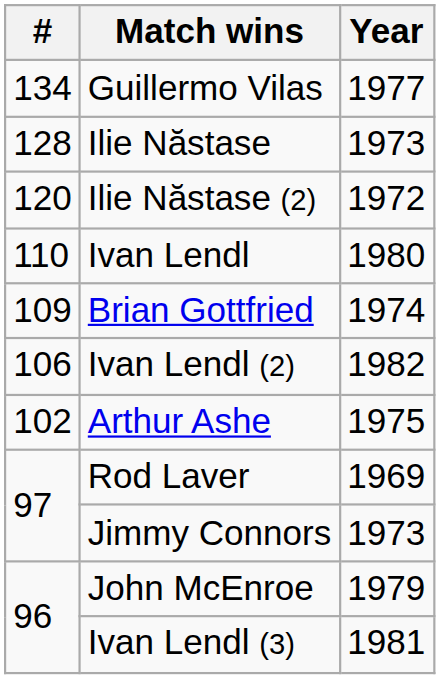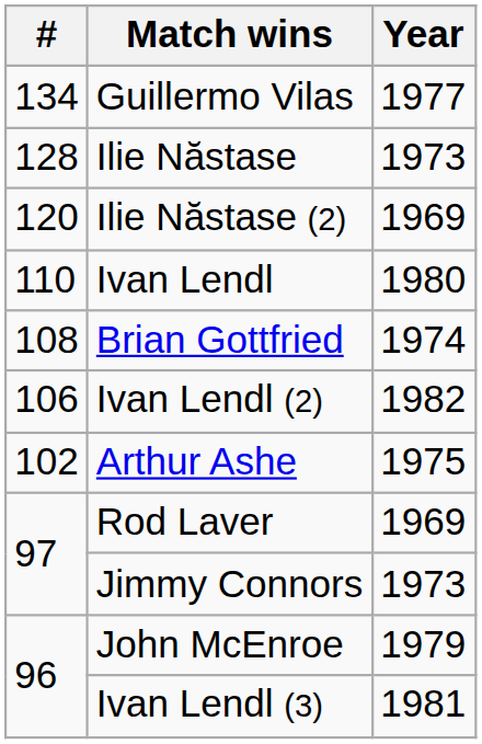 <table class="wikitable" style="display:inline-table;">
 <tr>
 <th>#</th>
 <th>Match wins</th>
 <th>Year</th>
 </tr>
 <tr>
 <td>134</td>
 <td> Guillermo Vilas</td>
 <td>1977</td>
 </tr>
 <tr>
 <td>128</td>
 <td> Ilie Năstase</td>
 <td>1973</td>
 </tr>
 <tr>
 <td>120</td>
 <td> Ilie Năstase <small>(2)</small></td>
-<td>1972</td>
+<td>1969</td>
 </tr>
 <tr>
 <td>110</td>
 <td> Ivan Lendl</td>
 <td>1980</td>
 </tr>
 <tr>
-<td>109</td>
+<td>108</td>
 <td> <a href='#'>Brian Gottfried</a></td>
 <td>1974</td>
 </tr>
 <tr>
 <td>106</td>
 <td> Ivan Lendl <small>(2)</small></td>
 <td>1982</td>
 </tr>
 <tr>
 <td>102</td>
 <td> <a href='#'>Arthur Ashe</a></td>
 <td>1975</td>
 </tr>
 <tr>
 <td rowspan=2>97</td>
 <td> Rod Laver</td>
 <td>1969</td>
 </tr>
 <tr>
 <td> Jimmy Connors</td>
 <td>1973</td>
 </tr>
 <tr>
 <td rowspan=2>96</td>
 <td> John McEnroe</td>
 <td>1979</td>
 </tr>
 <tr>
 <td> Ivan Lendl <small>(3)</small></td>
 <td>1981<br></td>
 </tr>
 </table>
